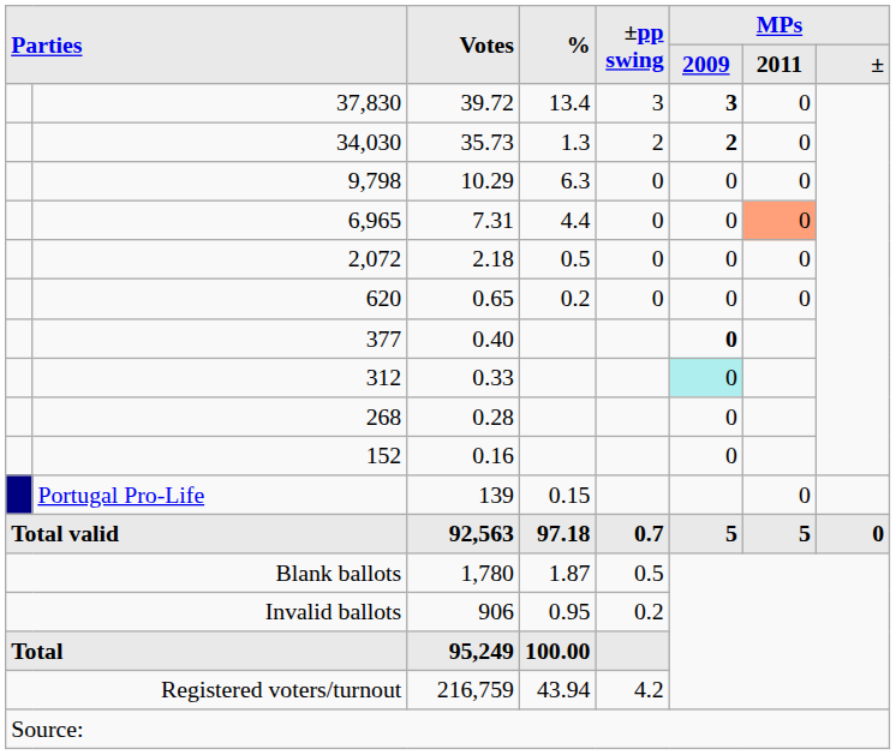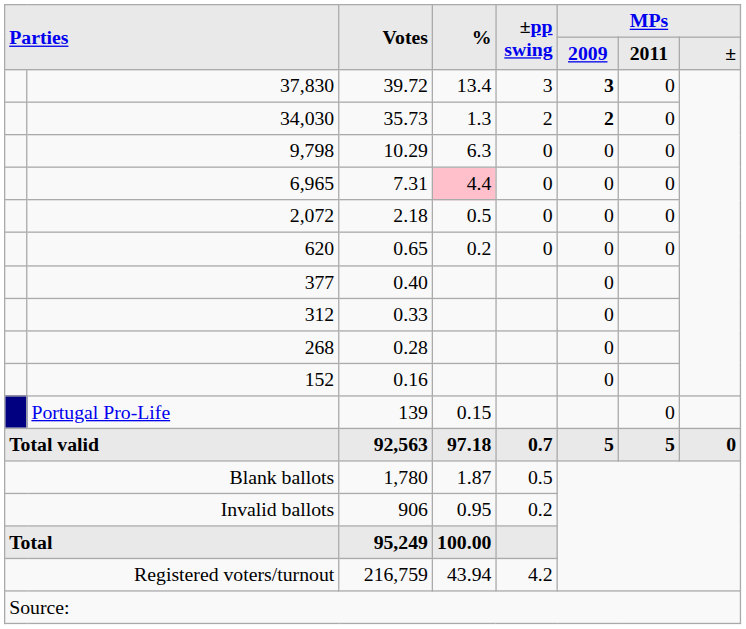 <table class="wikitable" style="text-align:right; font-size:95%;">
 <tr>
 <th rowspan="2" colspan="2" style="background:#e9e9e9; text-align:left;" alignleft><a href='#'>Parties</a></th>
 <th rowspan="2" style="background:#e9e9e9; text-align:right;">Votes</th>
 <th rowspan="2" style="background:#e9e9e9; text-align:right;">%</th>
 <th rowspan="2" style="background:#e9e9e9; text-align:right;">±<a href='#'>pp</a> <a href='#'>swing</a></th>
 <th colspan="3" style="background:#e9e9e9; text-align:center;"><a href='#'>MPs</a></th>
 </tr>
 <tr style="background-color:#E9E9E9">
 <th style="background-color:#E9E9E9;text-align:center;"><a href='#'>2009</a></th>
 <th style="background-color:#E9E9E9;text-align:center;">2011</th>
 <th style="background:#e9e9e9; text-align:right;">±</th>
 </tr>
 <tr>
 <td></td>
 <td>37,830</td>
 <td>39.72</td>
 <td>13.4</td>
 <td>3</td>
 <td><strong>3</strong></td>
 <td>0</td>
 </tr>
 <tr>
 <td></td>
 <td>34,030</td>
 <td>35.73</td>
 <td>1.3</td>
 <td>2</td>
 <td><strong>2</strong></td>
 <td>0</td>
 </tr>
 <tr>
 <td></td>
 <td>9,798</td>
 <td>10.29</td>
 <td>6.3</td>
 <td>0</td>
 <td>0</td>
 <td>0</td>
 </tr>
 <tr>
 <td></td>
 <td>6,965</td>
 <td>7.31</td>
-<td>4.4</td>
+<td style="background: pink;">4.4</td>
 <td>0</td>
 <td>0</td>
-<td style="background: lightsalmon;">0</td>
+<td>0</td>
 </tr>
 <tr>
 <td></td>
 <td>2,072</td>
 <td>2.18</td>
 <td>0.5</td>
 <td>0</td>
 <td>0</td>
 <td>0</td>
 </tr>
 <tr>
 <td></td>
 <td>620</td>
 <td>0.65</td>
 <td>0.2</td>
 <td>0</td>
 <td>0</td>
 <td>0</td>
 </tr>
 <tr>
 <td></td>
 <td>377</td>
 <td>0.40</td>
 <td></td>
 <td></td>
-<td><strong>0</strong></td>
+<td>0</td>
 <td></td>
 </tr>
 <tr>
 <td></td>
 <td>312</td>
 <td>0.33</td>
 <td></td>
 <td></td>
-<td style="background: paleturquoise;">0</td>
+<td>0</td>
 <td></td>
 </tr>
 <tr>
 <td></td>
 <td>268</td>
 <td>0.28</td>
 <td></td>
 <td></td>
 <td>0</td>
 <td></td>
 </tr>
 <tr>
 <td></td>
 <td>152</td>
 <td>0.16</td>
 <td></td>
 <td></td>
 <td>0</td>
 <td></td>
 </tr>
 <tr>
 <td style="width:10px;background-color:#000080;text-align:center;"></td>
 <td style="text-align:left;"><a href='#'>Portugal Pro-Life</a></td>
 <td>139</td>
 <td>0.15</td>
 <td></td>
 <td></td>
 <td>0</td>
 <td></td>
 </tr>
 <tr>
 <td colspan=2 width="250" style="text-align:left;background-color:#E9E9E9"><strong>Total valid</strong></td>
 <td width="65" align="right" style="background-color:#E9E9E9"><strong>92,563</strong></td>
 <td width="40" align="right" style="background-color:#E9E9E9"><strong>97.18</strong></td>
 <td width="40" align="right" style="background-color:#E9E9E9"><strong>0.7</strong></td>
 <td width="40" align="right" style="background-color:#E9E9E9"><strong>5</strong></td>
 <td width="40" align="right" style="background-color:#E9E9E9"><strong>5</strong></td>
 <td width="40" align="right" style="background-color:#E9E9E9"><strong>0</strong></td>
 </tr>
 <tr>
 <td colspan=2>Blank ballots</td>
 <td>1,780</td>
 <td>1.87</td>
 <td>0.5</td>
 <td colspan=4 rowspan=4></td>
 </tr>
 <tr>
 <td colspan=2>Invalid ballots</td>
 <td>906</td>
 <td>0.95</td>
 <td>0.2</td>
 </tr>
 <tr>
 <td colspan=2 align=left style="background-color:#E9E9E9"><strong>Total</strong></td>
 <td width="50" align="right" style="background-color:#E9E9E9"><strong>95,249</strong></td>
 <td width="40" align="right" style="background-color:#E9E9E9"><strong>100.00</strong></td>
 <td width="40" align="right" style="background-color:#E9E9E9"></td>
 </tr>
 <tr>
 <td colspan=2>Registered voters/turnout</td>
 <td>216,759</td>
 <td>43.94</td>
 <td>4.2</td>
 </tr>
 <tr>
 <td colspan=11 align=left>Source: </td>
 </tr>
 </table>
